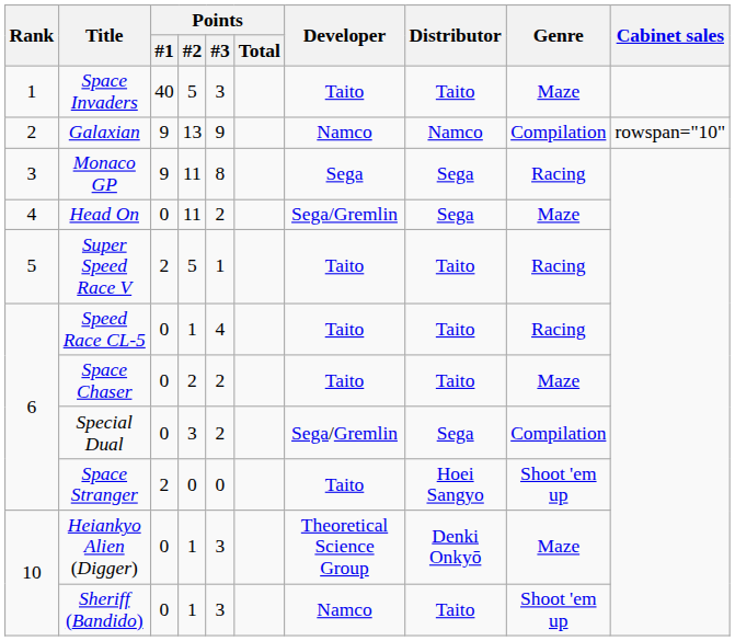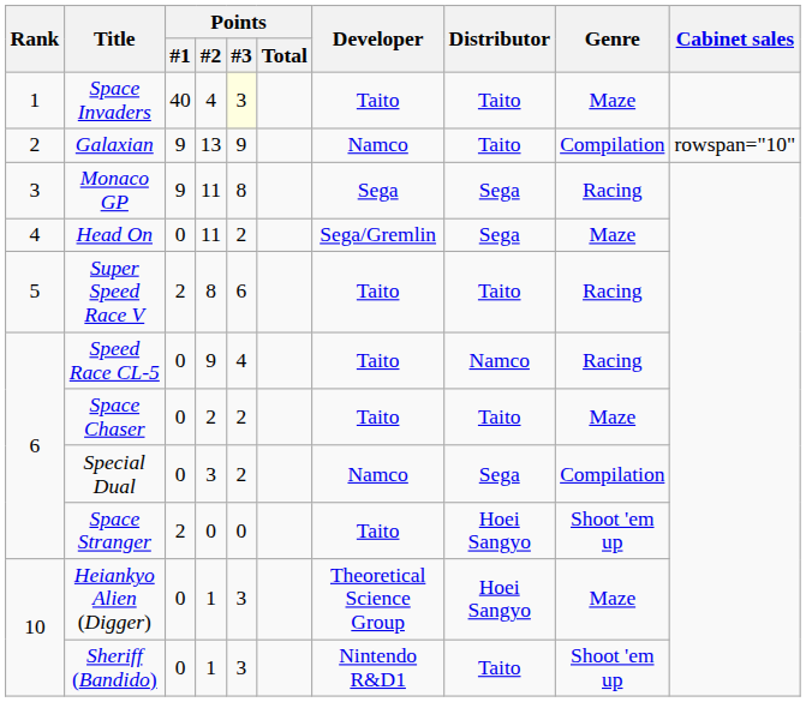 <table class="wikitable sortable" style="text-align:center">
 <tr>
 <th rowspan="2">Rank</th>
 <th rowspan="2">Title</th>
 <th colspan="4">Points</th>
 <th rowspan="2">Developer</th>
 <th rowspan="2">Distributor</th>
 <th rowspan="2">Genre</th>
 <th rowspan="2"><a href='#'>Cabinet sales</a></th>
 </tr>
 <tr>
 <th>#1</th>
 <th>#2</th>
 <th>#3</th>
 <th>Total</th>
 </tr>
 <tr>
 <td>1</td>
 <td><em><a href='#'>Space Invaders</a></em></td>
 <td>40</td>
-<td>5</td>
-<td>3</td>
+<td>4</td>
+<td style="background: lightyellow;">3</td>
 <td></td>
 <td><a href='#'>Taito</a></td>
 <td><a href='#'>Taito</a></td>
 <td><a href='#'>Maze</a></td>
 <td></td>
 </tr>
 <tr>
 <td>2</td>
 <td><em><a href='#'>Galaxian</a></em></td>
 <td>9</td>
 <td>13</td>
 <td>9</td>
 <td></td>
 <td><a href='#'>Namco</a></td>
-<td><a href='#'>Namco</a></td>
+<td><a href='#'>Taito</a></td>
 <td><a href='#'>Compilation</a></td>
 <td>rowspan="10" </td>
 </tr>
 <tr>
 <td>3</td>
 <td><em><a href='#'>Monaco GP</a></em></td>
 <td>9</td>
 <td>11</td>
 <td>8</td>
 <td></td>
 <td><a href='#'>Sega</a></td>
 <td><a href='#'>Sega</a></td>
 <td><a href='#'>Racing</a></td>
 </tr>
 <tr>
 <td>4</td>
 <td><em><a href='#'>Head On</a></em></td>
 <td>0</td>
 <td>11</td>
 <td>2</td>
 <td></td>
 <td><a href='#'>Sega/Gremlin</a></td>
 <td><a href='#'>Sega</a></td>
 <td><a href='#'>Maze</a></td>
 </tr>
 <tr>
 <td>5</td>
 <td><em><a href='#'>Super Speed Race V</a></em></td>
 <td>2</td>
-<td>5</td>
-<td>1</td>
+<td>8</td>
+<td>6</td>
 <td></td>
 <td><a href='#'>Taito</a></td>
 <td><a href='#'>Taito</a></td>
 <td><a href='#'>Racing</a></td>
 </tr>
 <tr>
 <td rowspan="4">6</td>
 <td><em><a href='#'>Speed Race CL-5</a></em></td>
 <td>0</td>
-<td>1</td>
+<td>9</td>
 <td>4</td>
 <td></td>
 <td><a href='#'>Taito</a></td>
-<td><a href='#'>Taito</a></td>
+<td><a href='#'>Namco</a></td>
 <td><a href='#'>Racing</a></td>
 </tr>
 <tr>
 <td><em><a href='#'>Space Chaser</a></em></td>
 <td>0</td>
 <td>2</td>
 <td>2</td>
 <td></td>
 <td><a href='#'>Taito</a></td>
 <td><a href='#'>Taito</a></td>
 <td><a href='#'>Maze</a></td>
 </tr>
 <tr>
 <td><em>Special Dual</em></td>
 <td>0</td>
 <td>3</td>
 <td>2</td>
 <td></td>
-<td><a href='#'>Sega</a>/<a href='#'>Gremlin</a></td>
+<td><a href='#'>Namco</a></td>
 <td><a href='#'>Sega</a></td>
 <td><a href='#'>Compilation</a></td>
 </tr>
 <tr>
 <td><em><a href='#'>Space Stranger</a></em></td>
 <td>2</td>
 <td>0</td>
 <td>0</td>
 <td></td>
 <td><a href='#'>Taito</a></td>
 <td><a href='#'>Hoei Sangyo</a></td>
 <td><a href='#'>Shoot 'em up</a></td>
 </tr>
 <tr>
 <td rowspan="2">10</td>
 <td><em><a href='#'>Heiankyo Alien</a></em> (<em>Digger</em>)</td>
 <td>0</td>
 <td>1</td>
 <td>3</td>
 <td></td>
 <td><a href='#'>Theoretical Science Group</a></td>
-<td><a href='#'>Denki Onkyō</a></td>
+<td><a href='#'>Hoei Sangyo</a></td>
 <td><a href='#'>Maze</a></td>
 </tr>
 <tr>
 <td><a href='#'><em>Sheriff</em> (<em>Bandido</em>)</a></td>
 <td>0</td>
 <td>1</td>
 <td>3</td>
 <td></td>
-<td><a href='#'>Namco</a></td>
+<td><a href='#'>Nintendo R&D1</a></td>
 <td><a href='#'>Taito</a></td>
 <td><a href='#'>Shoot 'em up</a></td>
 </tr>
 </table>
